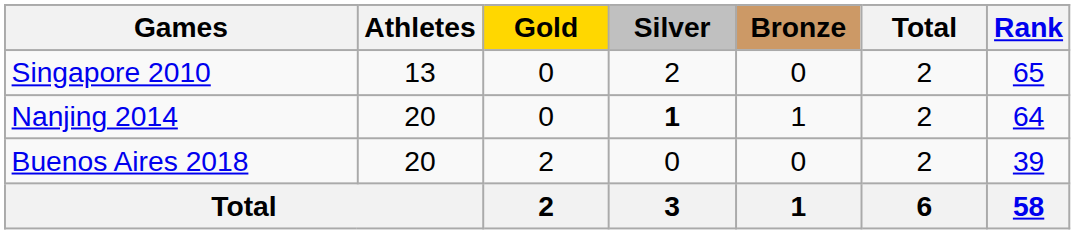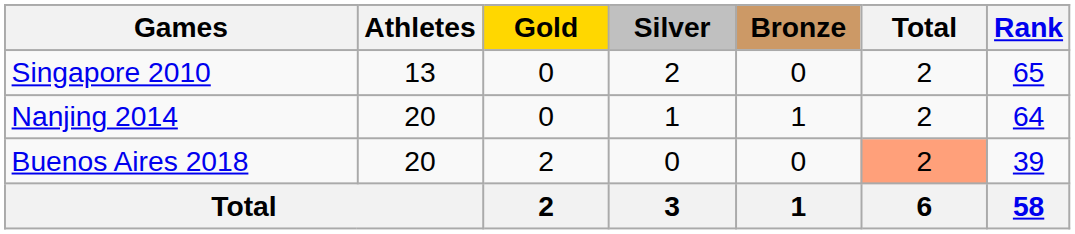 <table class="wikitable" style="text-align:center; font-size:90%;">
 <tr>
 <th style="width:12em;">Games</th>
 <th style="width:4em;">Athletes</th>
 <th style="width:4em; background:gold;">Gold</th>
 <th style="width:4em; background:silver;">Silver</th>
 <th style="width:4em; background:#cc9966;">Bronze</th>
 <th style="width:4em;">Total</th>
 <th style="width:2em;"><a href='#'>Rank</a></th>
 </tr>
 <tr>
 <td align=left> <a href='#'>Singapore 2010</a></td>
 <td>13</td>
 <td>0</td>
 <td>2</td>
 <td>0</td>
 <td>2</td>
 <td><a href='#'>65</a></td>
 </tr>
 <tr>
 <td align=left> <a href='#'>Nanjing 2014</a></td>
 <td>20</td>
 <td>0</td>
-<td><strong>1</strong></td>
+<td>1</td>
 <td>1</td>
 <td>2</td>
 <td><a href='#'>64</a></td>
 </tr>
 <tr>
 <td align=left> <a href='#'>Buenos Aires 2018</a></td>
 <td>20</td>
 <td>2</td>
 <td>0</td>
 <td>0</td>
-<td>2</td>
+<td style="background: lightsalmon;">2</td>
 <td><a href='#'>39</a></td>
 </tr>
 <tr>
 <th colspan=2>Total</th>
 <th>2</th>
 <th>3</th>
 <th>1</th>
 <th>6</th>
 <th><a href='#'>58</a></th>
 </tr>
 </table>
